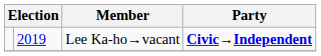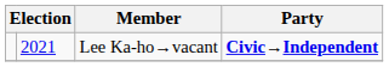 <table class="wikitable">
 <tr>
 <th colspan="2">Election</th>
 <th>Member</th>
 <th>Party</th>
 </tr>
 <tr>
 <td style="color:inherit;background:"></td>
-<td><a href='#'>2019</a></td>
+<td><a href='#'>2021</a></td>
 <td>Lee Ka-ho→vacant</td>
 <td><strong><a href='#'>Civic</a>→<a href='#'>Independent</a></strong></td>
 </tr>
 <tr>
 </tr>
 </table>
